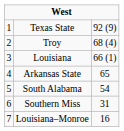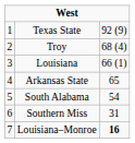 <table class="wikitable" style="display: inline-table;">
 <tr align="center">
 <td align="center" Colspan="3"><strong>West</strong><br></td>
 </tr>
 <tr align="center">
 <td>1</td>
 <td>Texas State</td>
 <td>92 (9)</td>
 </tr>
 <tr align="center">
 <td>2</td>
 <td>Troy</td>
 <td>68 (4)</td>
 </tr>
 <tr align="center">
 <td>3</td>
 <td>Louisiana</td>
 <td>66 (1)</td>
 </tr>
 <tr align="center">
 <td>4</td>
 <td>Arkansas State</td>
 <td>65</td>
 </tr>
 <tr align="center">
 <td>5</td>
 <td>South Alabama</td>
 <td>54</td>
 </tr>
 <tr align="center">
 <td>6</td>
 <td>Southern Miss</td>
 <td>31</td>
 </tr>
 <tr align="center">
 <td>7</td>
 <td>Louisiana–Monroe</td>
-<td>16</td>
+<td><strong>16</strong></td>
 </tr>
 </table>
